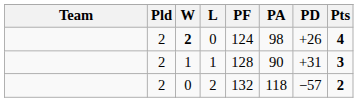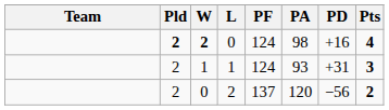 <table class=wikitable>
 <tr align=center>
 </tr>
 <tr>
 <th width=150>Team</th>
 <th width=20>Pld</th>
 <th width=20>W</th>
 <th width=20>L</th>
 <th width=30>PF</th>
 <th width=30>PA</th>
 <th width=30>PD</th>
 <th width=20>Pts</th>
 </tr>
 <tr align=center>
 <td align=left></td>
-<td>2</td>
+<td><strong>2</strong></td>
 <td><strong>2</strong></td>
 <td>0</td>
 <td>124</td>
 <td>98</td>
-<td>+26</td>
+<td>+16</td>
 <td><strong>4</strong></td>
 </tr>
 <tr align=center>
 <td align=left></td>
 <td>2</td>
 <td>1</td>
 <td>1</td>
-<td>128</td>
-<td>90</td>
+<td>124</td>
+<td>93</td>
 <td>+31</td>
 <td><strong>3</strong></td>
 </tr>
 <tr align=center>
 <td align=left></td>
 <td>2</td>
 <td>0</td>
 <td>2</td>
-<td>132</td>
-<td>118</td>
-<td>−57</td>
+<td>137</td>
+<td>120</td>
+<td>−56</td>
 <td><strong>2</strong></td>
 </tr>
 </table>
